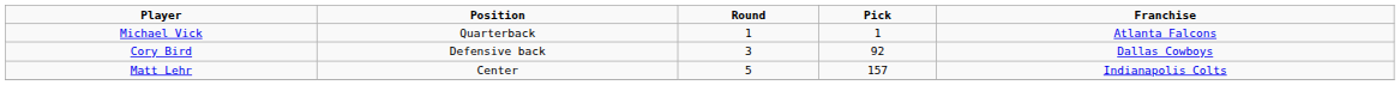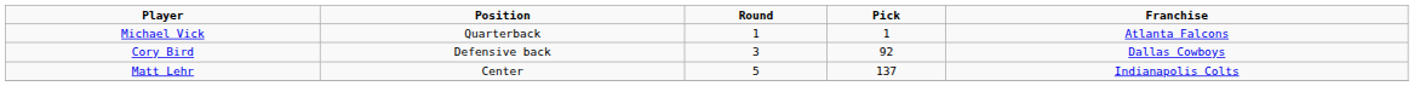 <table class="wikitable" width="80%">
 <tr align="center">
 <td><strong>Player</strong></td>
 <td><strong>Position</strong></td>
 <td><strong>Round</strong></td>
 <td><strong>Pick</strong></td>
 <td><strong>Franchise</strong></td>
 </tr>
 <tr align="center" bgcolor="">
 <td><a href='#'>Michael Vick</a></td>
 <td>Quarterback</td>
 <td>1</td>
 <td>1</td>
 <td><a href='#'>Atlanta Falcons</a></td>
 </tr>
 <tr align="center" bgcolor="">
 <td><a href='#'>Cory Bird</a></td>
 <td>Defensive back</td>
 <td>3</td>
 <td>92</td>
 <td><a href='#'>Dallas Cowboys</a></td>
 </tr>
 <tr align="center" bgcolor="">
 <td><a href='#'>Matt Lehr</a></td>
 <td>Center</td>
 <td>5</td>
-<td>157</td>
+<td>137</td>
 <td><a href='#'>Indianapolis Colts</a></td>
 </tr>
 <tr align="center" bgcolor="">
 </tr>
 </table>
